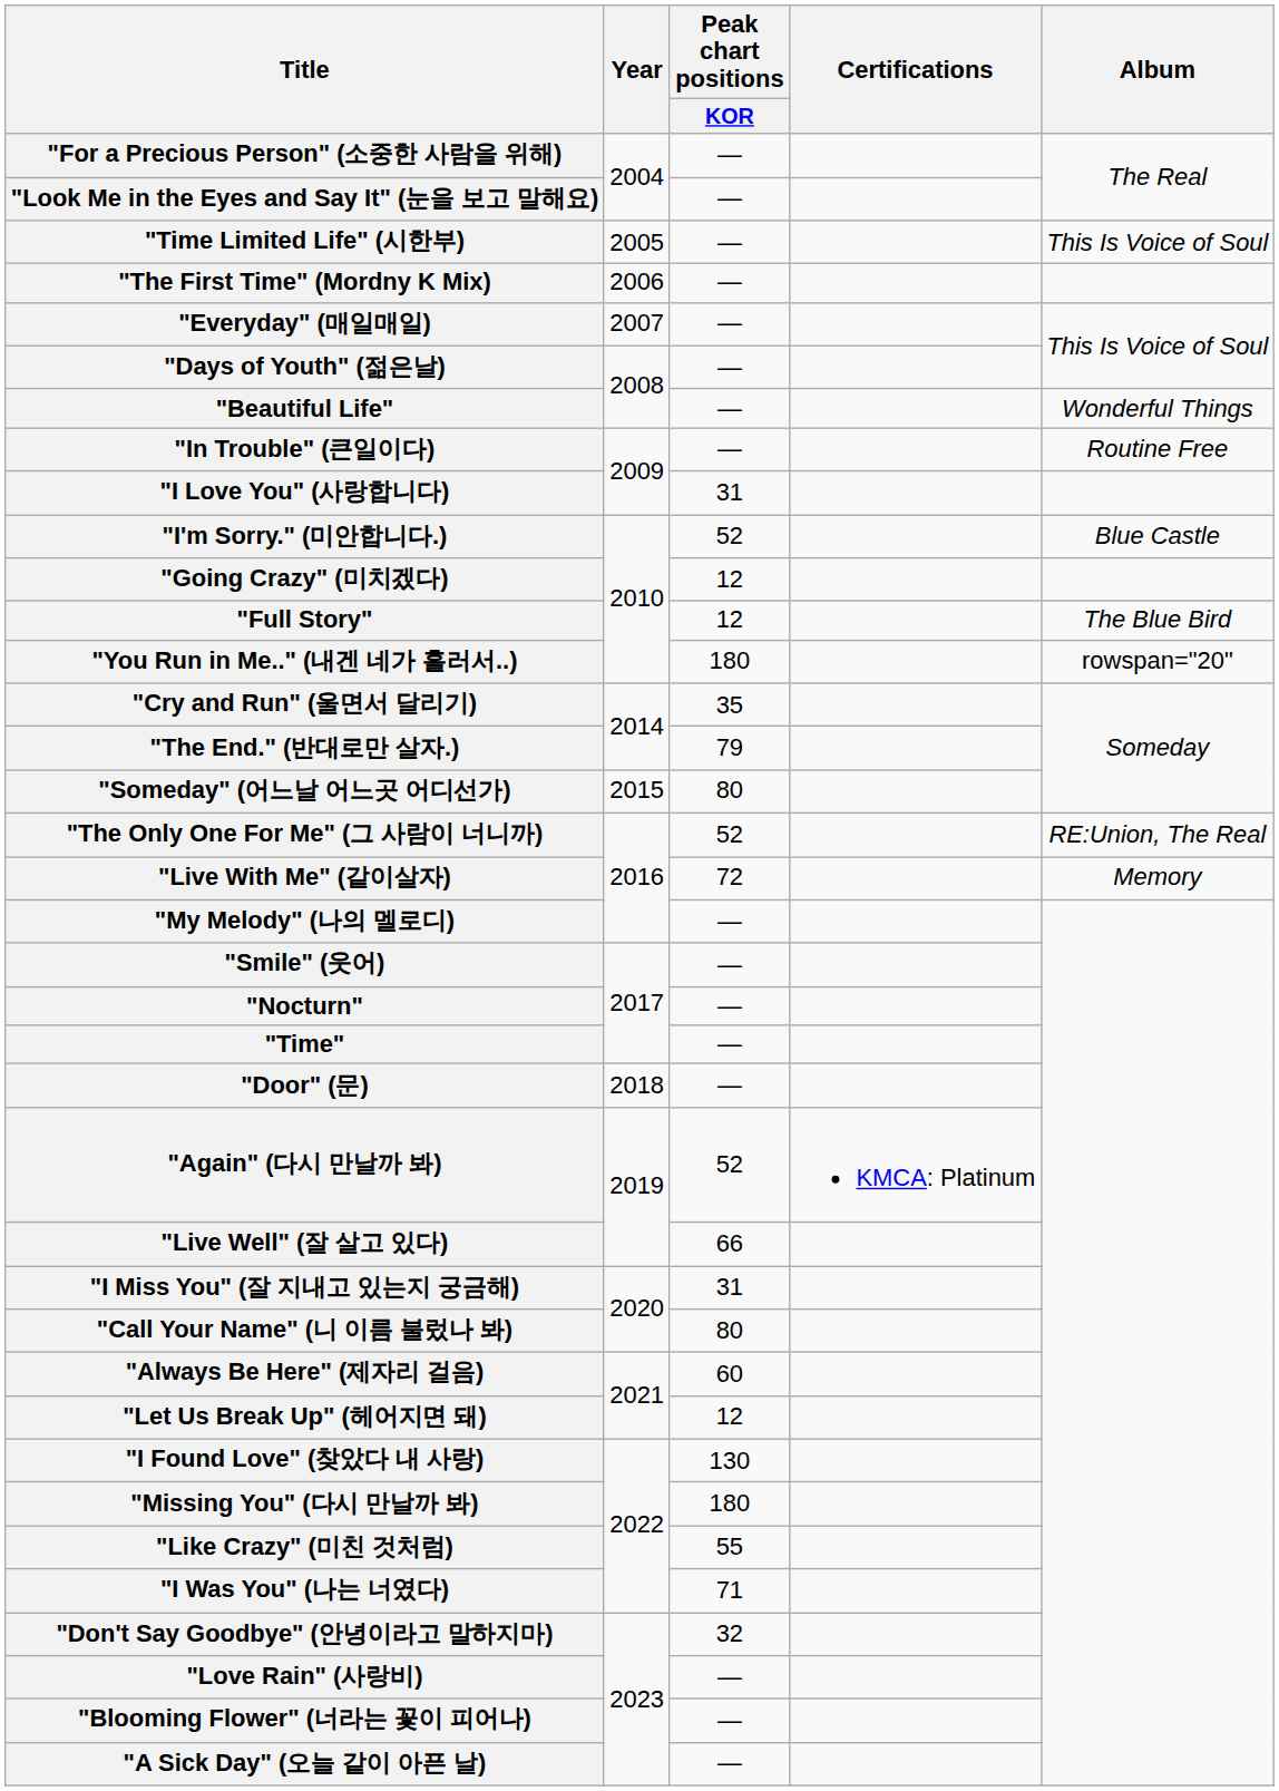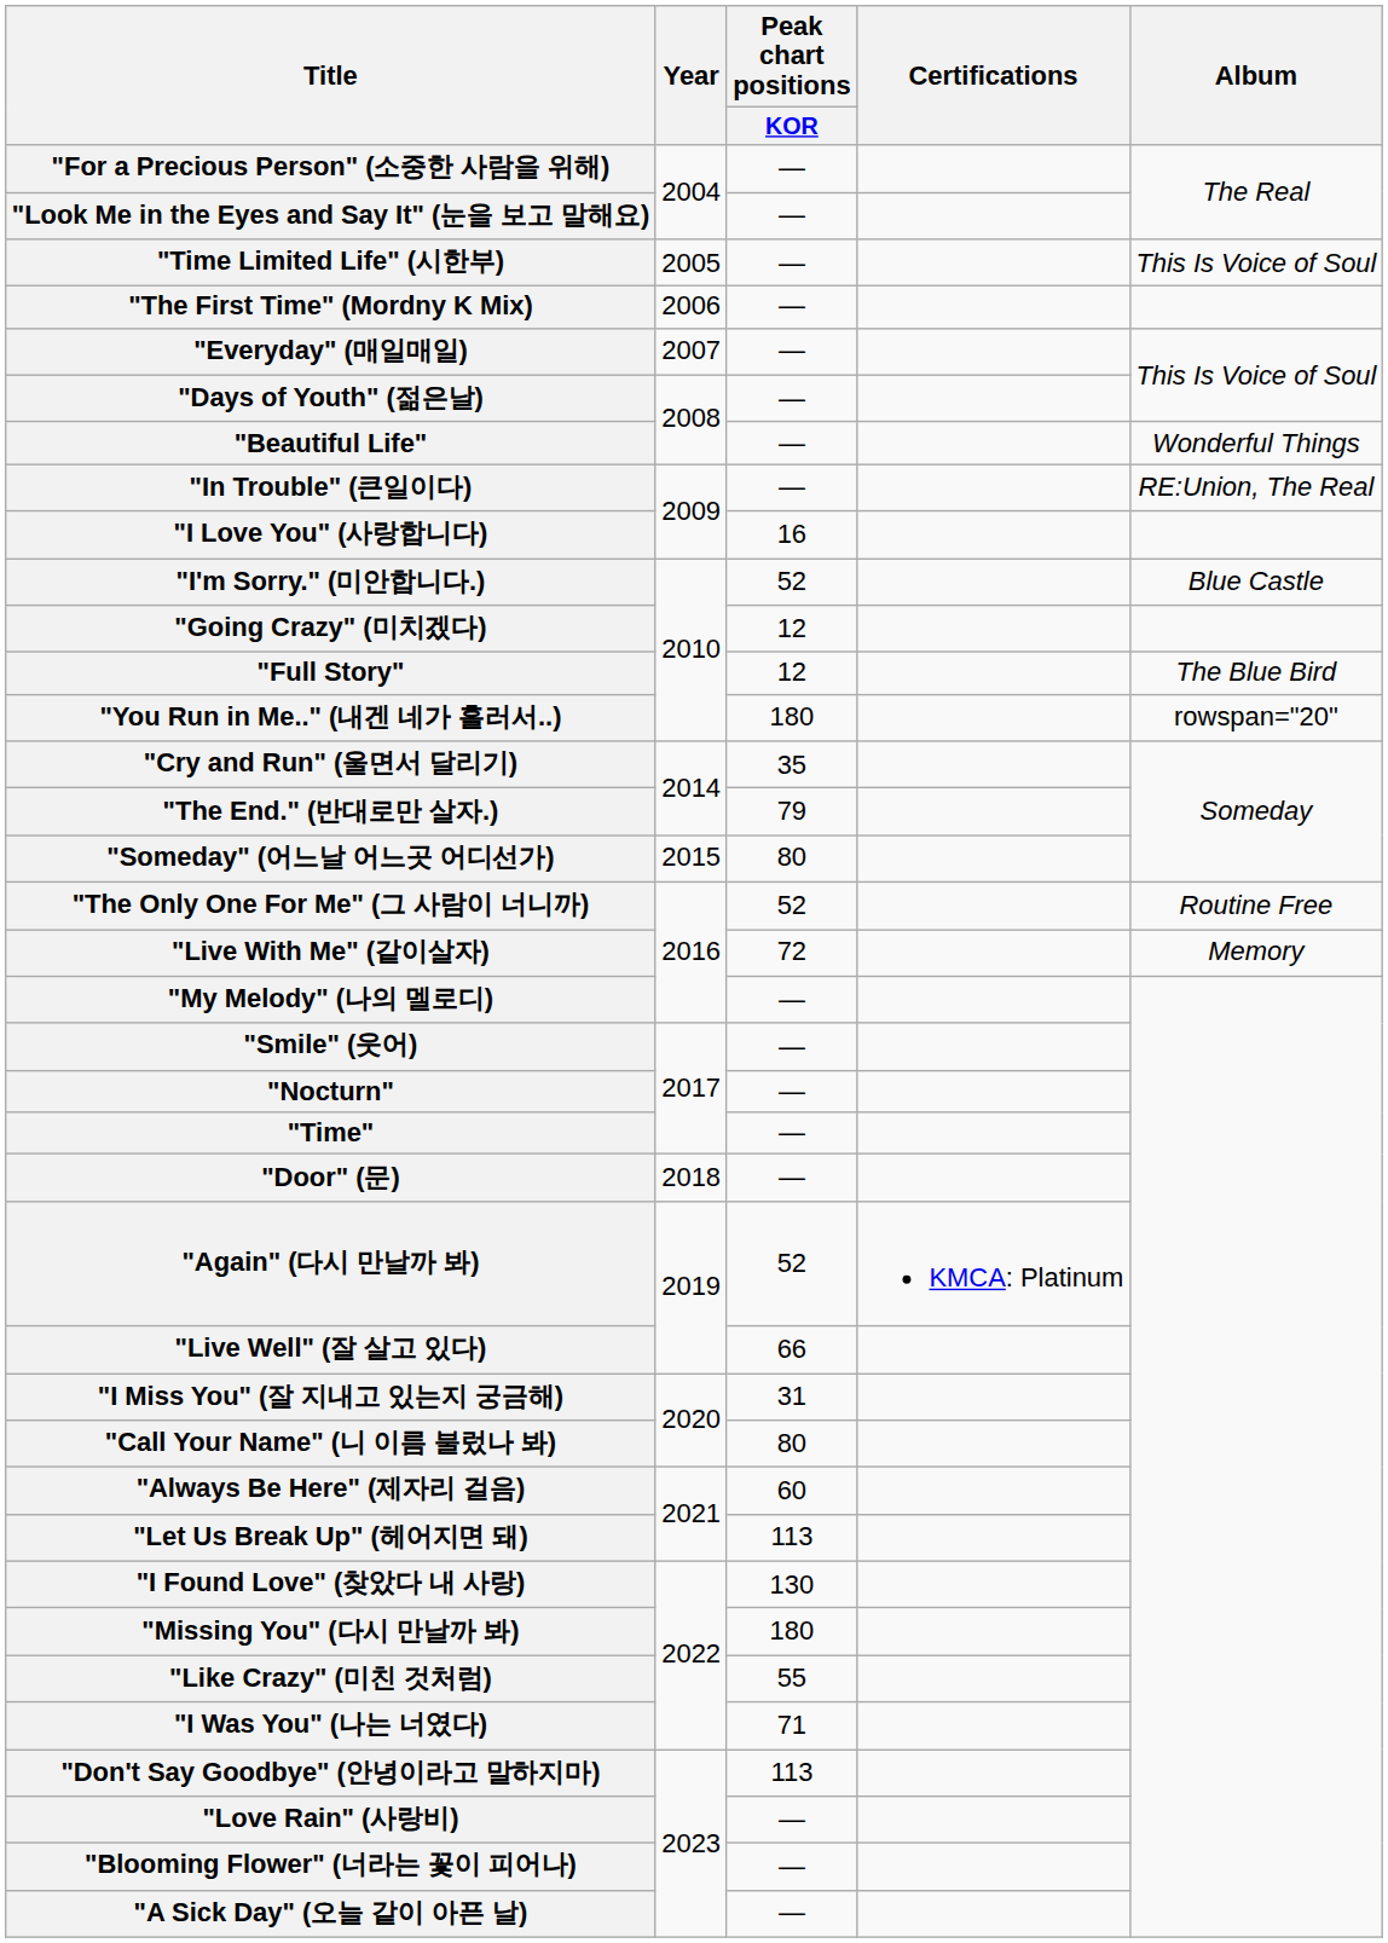 <table class="wikitable plainrowheaders" style="text-align:center;">
 <tr>
 <th rowspan="2" scope="col">Title</th>
 <th rowspan="2" scope="col">Year</th>
 <th colspan="1" scope="col">Peak chart positions</th>
 <th rowspan="2">Certifications</th>
 <th rowspan="2">Album</th>
 </tr>
 <tr>
 <th scope="col" style="width:3.5em;font-size:90%;"><a href='#'>KOR</a><br></th>
 </tr>
 <tr>
 <th scope="row">"For a Precious Person" (소중한 사람을 위해)</th>
 <td rowspan="2">2004</td>
 <td>—</td>
 <td></td>
 <td rowspan="2"><em>The Real</em></td>
 </tr>
 <tr>
 <th scope="row">"Look Me in the Eyes and Say It" (눈을 보고 말해요)</th>
 <td>—</td>
 <td></td>
 </tr>
 <tr>
 <th scope="row">"Time Limited Life" (시한부)</th>
 <td>2005</td>
 <td>—</td>
 <td></td>
 <td><em>This Is Voice of Soul</em></td>
 </tr>
 <tr>
 <th scope="row">"The First Time" (Mordny K Mix) </th>
 <td>2006</td>
 <td>—</td>
 <td></td>
 <td></td>
 </tr>
 <tr>
 <th scope="row">"Everyday" (매일매일)</th>
 <td>2007</td>
 <td>—</td>
 <td></td>
 <td rowspan="2"><em>This Is Voice of Soul</em></td>
 </tr>
 <tr>
 <th scope="row">"Days of Youth" (젊은날)</th>
 <td rowspan="2">2008</td>
 <td>—</td>
 <td></td>
 </tr>
 <tr>
 <th scope="row">"Beautiful Life"</th>
 <td>—</td>
 <td></td>
 <td><em>Wonderful Things</em></td>
 </tr>
 <tr>
 <th scope="row">"In Trouble" (큰일이다)</th>
 <td rowspan="2">2009</td>
 <td>—</td>
 <td></td>
-<td><em>Routine Free</em></td>
+<td><em>RE:Union, The Real</em></td>
 </tr>
 <tr>
 <th scope="row">"I Love You" (사랑합니다) </th>
-<td>31</td>
+<td>16</td>
 <td></td>
 <td></td>
 </tr>
 <tr>
 <th scope="row">"I'm Sorry." (미안합니다.)</th>
 <td rowspan="4">2010</td>
 <td>52</td>
 <td></td>
 <td><em>Blue Castle</em></td>
 </tr>
 <tr>
 <th scope="row">"Going Crazy" (미치겠다) </th>
 <td>12</td>
 <td></td>
 <td></td>
 </tr>
 <tr>
 <th scope="row">"Full Story"</th>
 <td>12</td>
 <td></td>
 <td><em>The Blue Bird</em></td>
 </tr>
 <tr>
 <th scope="row">"You Run in Me.." (내겐 네가 흘러서..)</th>
 <td>180</td>
 <td></td>
 <td>rowspan="20" </td>
 </tr>
 <tr>
 <th scope="row">"Cry and Run" (울면서 달리기)</th>
 <td rowspan="2">2014</td>
 <td>35</td>
 <td></td>
 <td rowspan="3"><em>Someday</em></td>
 </tr>
 <tr>
 <th scope="row">"The End." (반대로만 살자.) </th>
 <td>79</td>
 <td></td>
 </tr>
 <tr>
 <th scope="row">"Someday" (어느날 어느곳 어디선가)</th>
 <td>2015</td>
 <td>80</td>
 <td></td>
 </tr>
 <tr>
 <th scope="row">"The Only One For Me" (그 사람이 너니까)</th>
 <td rowspan="3">2016</td>
 <td>52</td>
 <td></td>
-<td><em>RE:Union, The Real</em></td>
+<td><em>Routine Free</em></td>
 </tr>
 <tr>
 <th scope="row">"Live With Me" (같이살자)</th>
 <td>72</td>
 <td></td>
 <td><em>Memory</em></td>
 </tr>
 <tr>
 <th scope="row">"My Melody" (나의 멜로디)</th>
 <td>—</td>
 <td></td>
 </tr>
 <tr>
 <th scope="row">"Smile" (웃어)</th>
 <td rowspan="3">2017</td>
 <td>—</td>
 <td></td>
 </tr>
 <tr>
 <th scope="row">"Nocturn"</th>
 <td>—</td>
 <td></td>
 </tr>
 <tr>
 <th scope="row">"Time"</th>
 <td>—</td>
 <td></td>
 </tr>
 <tr>
 <th scope="row">"Door" (문)</th>
 <td>2018</td>
 <td>—</td>
 <td></td>
 </tr>
 <tr>
 <th scope="row">"Again" (다시 만날까 봐)</th>
 <td rowspan="2">2019</td>
 <td>52</td>
 <td><br><ul><li><a href='#'>KMCA</a>: Platinum </li></ul></td>
 </tr>
 <tr>
 <th scope="row">"Live Well" (잘 살고 있다)</th>
 <td>66</td>
 <td></td>
 </tr>
 <tr>
 <th scope="row">"I Miss You" (잘 지내고 있는지 궁금해)</th>
 <td rowspan="2">2020</td>
 <td>31</td>
 <td></td>
 </tr>
 <tr>
 <th scope="row">"Call Your Name" (니 이름 불렀나 봐)</th>
 <td>80</td>
 <td></td>
 </tr>
 <tr>
 <th scope="row">"Always Be Here" (제자리 걸음)</th>
 <td rowspan="2">2021</td>
 <td>60</td>
 <td></td>
 </tr>
 <tr>
 <th scope="row">"Let Us Break Up" (헤어지면 돼)</th>
-<td>12</td>
+<td>113</td>
 <td></td>
 </tr>
 <tr>
 <th scope="row">"I Found Love" (찾았다 내 사랑)</th>
 <td rowspan="4">2022</td>
 <td>130</td>
 <td></td>
 </tr>
 <tr>
 <th scope="row">"Missing You" (다시 만날까 봐) </th>
 <td>180</td>
 <td></td>
 </tr>
 <tr>
 <th scope="row">"Like Crazy" (미친 것처럼)</th>
 <td>55</td>
 <td></td>
 </tr>
 <tr>
 <th scope="row">"I Was You" (나는 너였다)</th>
 <td>71</td>
 <td></td>
 </tr>
 <tr>
 <th scope="row">"Don't Say Goodbye" (안녕이라고 말하지마)</th>
 <td rowspan="4">2023</td>
-<td>32</td>
+<td>113</td>
 <td></td>
 </tr>
 <tr>
 <th scope="row">"Love Rain" (사랑비)</th>
 <td>—</td>
 <td></td>
 </tr>
 <tr>
 <th scope="row">"Blooming Flower" (너라는 꽃이 피어나)</th>
 <td>—</td>
 <td></td>
 </tr>
 <tr>
 <th scope="row">"A Sick Day" (오늘 같이 아픈 날)</th>
 <td>—</td>
 <td></td>
 </tr>
 </table>
